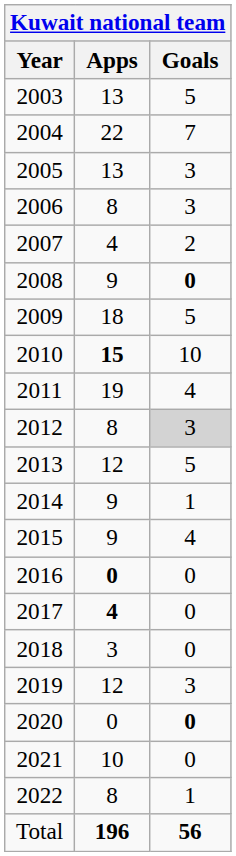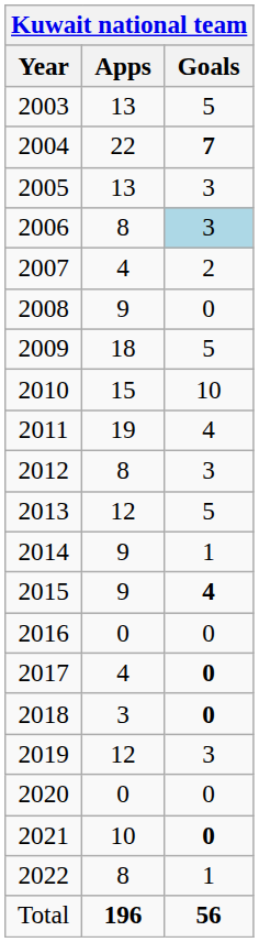 <table class="wikitable" style="text-align:center">
 <tr>
 <th colspan=3><a href='#'>Kuwait national team</a></th>
 </tr>
 <tr>
 <th scope="col">Year</th>
 <th scope="col">Apps</th>
 <th scope="col">Goals</th>
 </tr>
 <tr>
 <td>2003</td>
 <td>13</td>
 <td>5</td>
 </tr>
 <tr>
 <td>2004</td>
 <td>22</td>
-<td>7</td>
+<td><strong>7</strong></td>
 </tr>
 <tr>
 <td>2005</td>
 <td>13</td>
 <td>3</td>
 </tr>
 <tr>
 <td>2006</td>
 <td>8</td>
-<td>3</td>
+<td style="background: lightblue;">3</td>
 </tr>
 <tr>
 <td>2007</td>
 <td>4</td>
 <td>2</td>
 </tr>
 <tr>
 <td>2008</td>
 <td>9</td>
-<td><strong>0</strong></td>
+<td>0</td>
 </tr>
 <tr>
 <td>2009</td>
 <td>18</td>
 <td>5</td>
 </tr>
 <tr>
 <td>2010</td>
-<td><strong>15</strong></td>
+<td>15</td>
 <td>10</td>
 </tr>
 <tr>
 <td>2011</td>
 <td>19</td>
 <td>4</td>
 </tr>
 <tr>
 <td>2012</td>
 <td>8</td>
-<td style="background: lightgrey;">3</td>
+<td>3</td>
 </tr>
 <tr>
 <td>2013</td>
 <td>12</td>
 <td>5</td>
 </tr>
 <tr>
 <td>2014</td>
 <td>9</td>
 <td>1</td>
 </tr>
 <tr>
 <td>2015</td>
 <td>9</td>
-<td>4</td>
+<td><strong>4</strong></td>
 </tr>
 <tr>
 <td>2016</td>
-<td><strong>0</strong></td>
+<td>0</td>
 <td>0</td>
 </tr>
 <tr>
 <td>2017</td>
-<td><strong>4</strong></td>
-<td>0</td>
+<td>4</td>
+<td><strong>0</strong></td>
 </tr>
 <tr>
 <td>2018</td>
 <td>3</td>
-<td>0</td>
+<td><strong>0</strong></td>
 </tr>
 <tr>
 <td>2019</td>
 <td>12</td>
 <td>3</td>
 </tr>
 <tr>
 <td>2020</td>
 <td>0</td>
-<td><strong>0</strong></td>
+<td>0</td>
 </tr>
 <tr>
 <td>2021</td>
 <td>10</td>
-<td>0</td>
+<td><strong>0</strong></td>
 </tr>
 <tr>
 <td>2022</td>
 <td>8</td>
 <td>1</td>
 </tr>
 <tr>
 <td>Total</td>
 <td><strong>196</strong></td>
 <td><strong>56</strong></td>
 </tr>
 </table>
